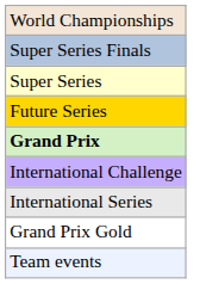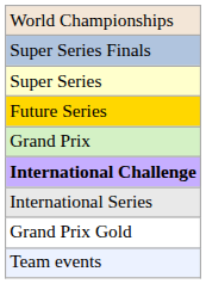 <table class=wikitable style="font-size:85%">
 <tr style="background:#F3E6D7;">
 <td>World Championships</td>
 </tr>
 <tr style="background:#B0C4DE;">
 <td>Super Series Finals</td>
 </tr>
 <tr style="background:#ffffcc;">
 <td>Super Series</td>
 </tr>
 <tr style="background:#FFD700;">
 <td>Future Series</td>
 </tr>
 <tr style="background:#D4F1C5;">
-<td><strong>Grand Prix</strong></td>
+<td>Grand Prix</td>
 </tr>
 <tr style="background:#C6AEFF;">
-<td>International Challenge</td>
+<td><strong>International Challenge</strong></td>
 </tr>
 <tr style="background:#E9E9E9;">
 <td>International Series</td>
 </tr>
 <tr style="background:#ffffff;">
 <td>Grand Prix Gold</td>
 </tr>
 <tr style="background:#ECF2FF;">
 <td>Team events</td>
 </tr>
 </table>
